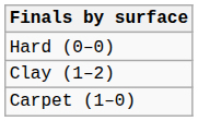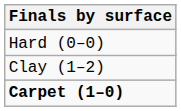 <table class=wikitable style="font-size:85%">
 <tr>
 <th>Finals by surface</th>
 </tr>
 <tr>
 <td>Hard (0–0)</td>
 </tr>
 <tr>
 <td>Clay (1–2)</td>
 </tr>
 <tr>
-<td>Carpet (1–0)</td>
+<td><strong>Carpet (1–0)</strong></td>
 </tr>
 </table>
